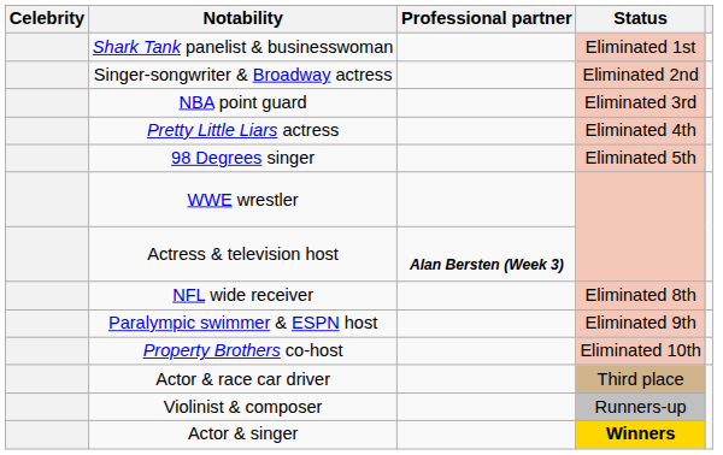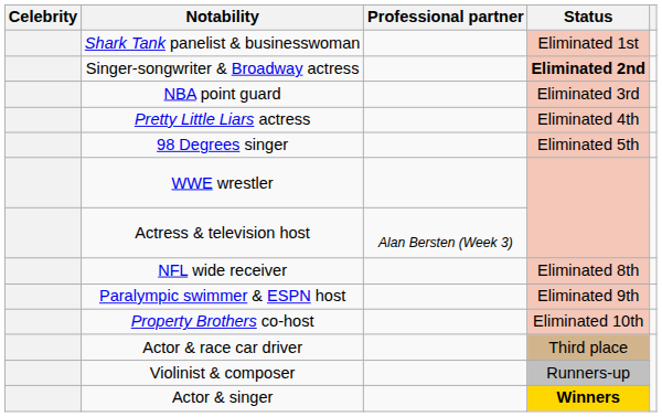 <table class="wikitable sortable" style="text-align:center;">
 <tr>
 <th scope="col">Celebrity</th>
 <th scope="col" class="unsortable">Notability</th>
 <th scope="col">Professional partner</th>
 <th scope="col">Status</th>
 <th scope="col" class="unsortable"></th>
 </tr>
 <tr>
 <th scope="row"></th>
 <td><em><a href='#'>Shark Tank</a></em> panelist & businesswoman</td>
 <td></td>
 <td style="background:#f4c7b8;">Eliminated 1st<br></td>
 <td></td>
 </tr>
 <tr>
 <th scope="row"></th>
 <td>Singer-songwriter & <a href='#'>Broadway</a> actress</td>
 <td></td>
-<td style="background:#f4c7b8;">Eliminated 2nd<br></td>
+<td style="background:#f4c7b8;"><strong>Eliminated 2nd<br></strong></td>
 <td></td>
 </tr>
 <tr>
 <th scope="row"></th>
 <td><a href='#'>NBA</a> point guard</td>
 <td></td>
 <td style="background:#f4c7b8;">Eliminated 3rd<br></td>
 <td></td>
 </tr>
 <tr>
 <th scope="row"></th>
 <td><em><a href='#'>Pretty Little Liars</a></em> actress</td>
 <td></td>
 <td style="background:#f4c7b8;">Eliminated 4th<br></td>
 <td></td>
 </tr>
 <tr>
 <th scope="row"></th>
 <td><a href='#'>98 Degrees</a> singer</td>
 <td></td>
 <td style="background:#f4c7b8;">Eliminated 5th<br></td>
 <td></td>
 </tr>
 <tr style="height:50px">
 <th scope="row"></th>
 <td><a href='#'>WWE</a> wrestler</td>
 <td></td>
 <td style="background:#f4c7b8;" rowspan=2><br></td>
 <td rowspan=2></td>
 </tr>
 <tr style="height:50px">
 <th scope="row"></th>
 <td>Actress & television host</td>
-<td><strong><br><em><small>Alan Bersten (Week 3)</small></em></strong></td>
+<td><br><em><small>Alan Bersten (Week 3)</small></em></td>
 </tr>
 <tr>
 <th scope="row"></th>
 <td><a href='#'>NFL</a> wide receiver</td>
 <td></td>
 <td style="background:#f4c7b8;">Eliminated 8th<br></td>
 <td></td>
 </tr>
 <tr>
 <th scope="row"></th>
 <td><a href='#'>Paralympic swimmer</a> & <a href='#'>ESPN</a> host</td>
 <td></td>
 <td style="background:#f4c7b8;">Eliminated 9th<br></td>
 <td></td>
 </tr>
 <tr>
 <th scope="row"></th>
 <td><em><a href='#'>Property Brothers</a></em> co-host</td>
 <td></td>
 <td style="background:#f4c7b8;">Eliminated 10th<br></td>
 <td></td>
 </tr>
 <tr>
 <th scope="row"></th>
 <td>Actor & race car driver</td>
 <td></td>
 <td style="background:tan;">Third place<br></td>
 <td rowspan=3></td>
 </tr>
 <tr>
 <th scope="row"></th>
 <td>Violinist & composer</td>
 <td></td>
 <td style="background:silver;">Runners-up<br></td>
 </tr>
 <tr>
 <th scope="row"></th>
 <td>Actor & singer</td>
 <td></td>
 <td style="background:gold;"><strong>Winners</strong><br></td>
 </tr>
 </table>
